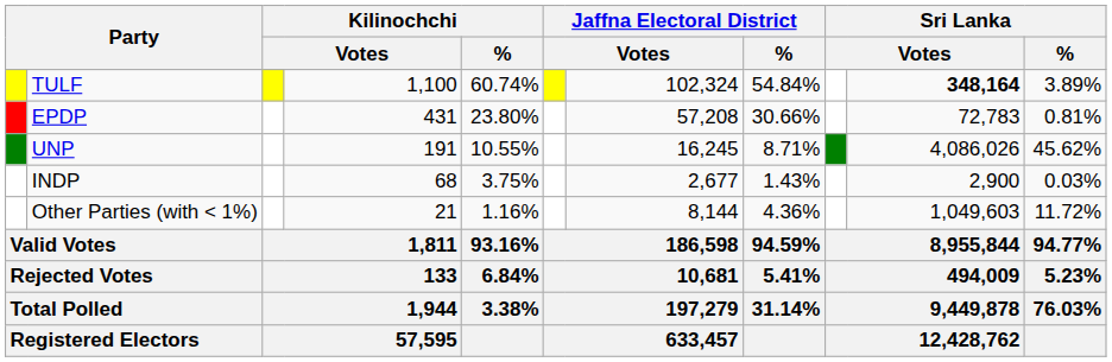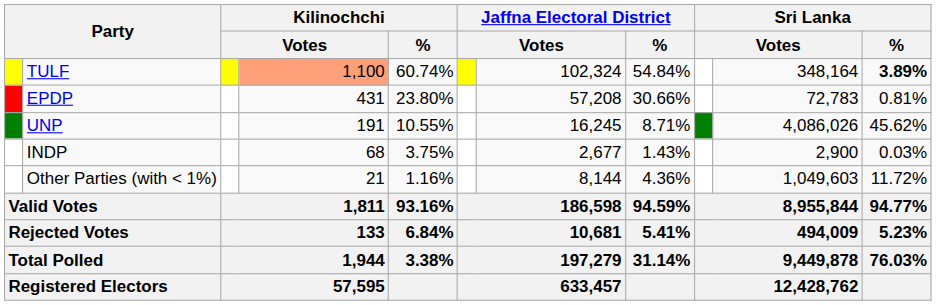 <table class="wikitable">
 <tr>
 <th colspan="2" width="144px"rowspan="2">Party</th>
 <th colspan="3" width="216px">Kilinochchi</th>
 <th colspan="3" width="216px"><a href='#'>Jaffna Electoral District</a></th>
 <th colspan="3" width="216px">Sri Lanka</th>
 </tr>
 <tr>
 <th colspan="2" width="144px">Votes</th>
 <th>%</th>
 <th colspan="2" width="144px">Votes</th>
 <th>%</th>
 <th colspan="2" width="144px">Votes</th>
 <th>%</th>
 </tr>
 <tr>
 <td style="background-color:yellow;" width="10px"></td>
 <td style="text-align:left;"><a href='#'>TULF</a></td>
 <td style="background-color:yellow;" width="10px"></td>
-<td style="text-align:right;">1,100</td>
+<td style="background: lightsalmon; text-align:right;">1,100</td>
 <td style="text-align:right;">60.74%</td>
 <td style="background-color:yellow;" width="10px"></td>
 <td style="text-align:right;">102,324</td>
 <td style="text-align:right;">54.84%</td>
 <td style="background-color:white;" width="10px"></td>
-<td style="text-align:right;"><strong>348,164</strong></td>
-<td style="text-align:right;">3.89%</td>
+<td style="text-align:right;">348,164</td>
+<td style="text-align:right;"><strong>3.89%</strong></td>
 </tr>
 <tr>
 <td style="background-color:red;" width="10px"></td>
 <td style="text-align:left;"><a href='#'>EPDP</a></td>
 <td style="background-color:white;" width="10px"></td>
 <td style="text-align:right;">431</td>
 <td style="text-align:right;">23.80%</td>
 <td style="background-color:white;" width="10px"></td>
 <td style="text-align:right;">57,208</td>
 <td style="text-align:right;">30.66%</td>
 <td style="background-color:white;" width="10px"></td>
 <td style="text-align:right;">72,783</td>
 <td style="text-align:right;">0.81%</td>
 </tr>
 <tr>
 <td style="background-color:green;" width="10px"></td>
 <td style="text-align:left;"><a href='#'>UNP</a></td>
 <td style="background-color:white;" width="10px"></td>
 <td style="text-align:right;">191</td>
 <td style="text-align:right;">10.55%</td>
 <td style="background-color:white;" width="10px"></td>
 <td style="text-align:right;">16,245</td>
 <td style="text-align:right;">8.71%</td>
 <td style="background-color:green;" width="10px"></td>
 <td style="text-align:right;">4,086,026</td>
 <td style="text-align:right;">45.62%</td>
 </tr>
 <tr>
 <td style="background-color:white;" width="10px"></td>
 <td style="text-align:left;">INDP</td>
 <td style="background-color:white;" width="10px"></td>
 <td style="text-align:right;">68</td>
 <td style="text-align:right;">3.75%</td>
 <td style="background-color:white;" width="10px"></td>
 <td style="text-align:right;">2,677</td>
 <td style="text-align:right;">1.43%</td>
 <td style="background-color:white;" width="10px"></td>
 <td style="text-align:right;">2,900</td>
 <td style="text-align:right;">0.03%</td>
 </tr>
 <tr>
 <td style="background-color:white;" width="10px"></td>
 <td style="text-align:left;">Other Parties (with < 1%)</td>
 <td style="background-color:white;" width="10px"></td>
 <td style="text-align:right;">21</td>
 <td style="text-align:right;">1.16%</td>
 <td style="background-color:white;" width="10px"></td>
 <td style="text-align:right;">8,144</td>
 <td style="text-align:right;">4.36%</td>
 <td style="background-color:white;" width="10px"></td>
 <td style="text-align:right;">1,049,603</td>
 <td style="text-align:right;">11.72%</td>
 </tr>
 <tr>
 <th colspan="2" width="144px"style="text-align:left;">Valid Votes</th>
 <th style="text-align:right;"colspan="2" width="144px">1,811</th>
 <th style="text-align:right;">93.16%</th>
 <th style="text-align:right;"colspan="2" width="144px">186,598</th>
 <th style="text-align:right;">94.59%</th>
 <th style="text-align:right;"colspan="2" width="144px">8,955,844</th>
 <th style="text-align:right;">94.77%</th>
 </tr>
 <tr>
 <th colspan="2" width="144px"style="text-align:left;">Rejected Votes</th>
 <th style="text-align:right;"colspan="2" width="144px">133</th>
 <th style="text-align:right;">6.84%</th>
 <th style="text-align:right;"colspan="2" width="144px">10,681</th>
 <th style="text-align:right;">5.41%</th>
 <th style="text-align:right;"colspan="2" width="144px">494,009</th>
 <th style="text-align:right;">5.23%</th>
 </tr>
 <tr>
 <th colspan="2" width="144px"style="text-align:left;">Total Polled</th>
 <th style="text-align:right;"colspan="2" width="144px">1,944</th>
 <th style="text-align:right;">3.38%</th>
 <th style="text-align:right;"colspan="2" width="144px">197,279</th>
 <th style="text-align:right;">31.14%</th>
 <th style="text-align:right;"colspan="2" width="144px">9,449,878</th>
 <th style="text-align:right;">76.03%</th>
 </tr>
 <tr>
 <th colspan="2" width="144px"style="text-align:left;">Registered Electors</th>
 <th style="text-align:right;"colspan="2" width="144px">57,595</th>
 <th></th>
 <th style="text-align:right;"colspan="2" width="144px">633,457</th>
 <th></th>
 <th style="text-align:right;"colspan="2" width="144px">12,428,762</th>
 <th></th>
 </tr>
 </table>
